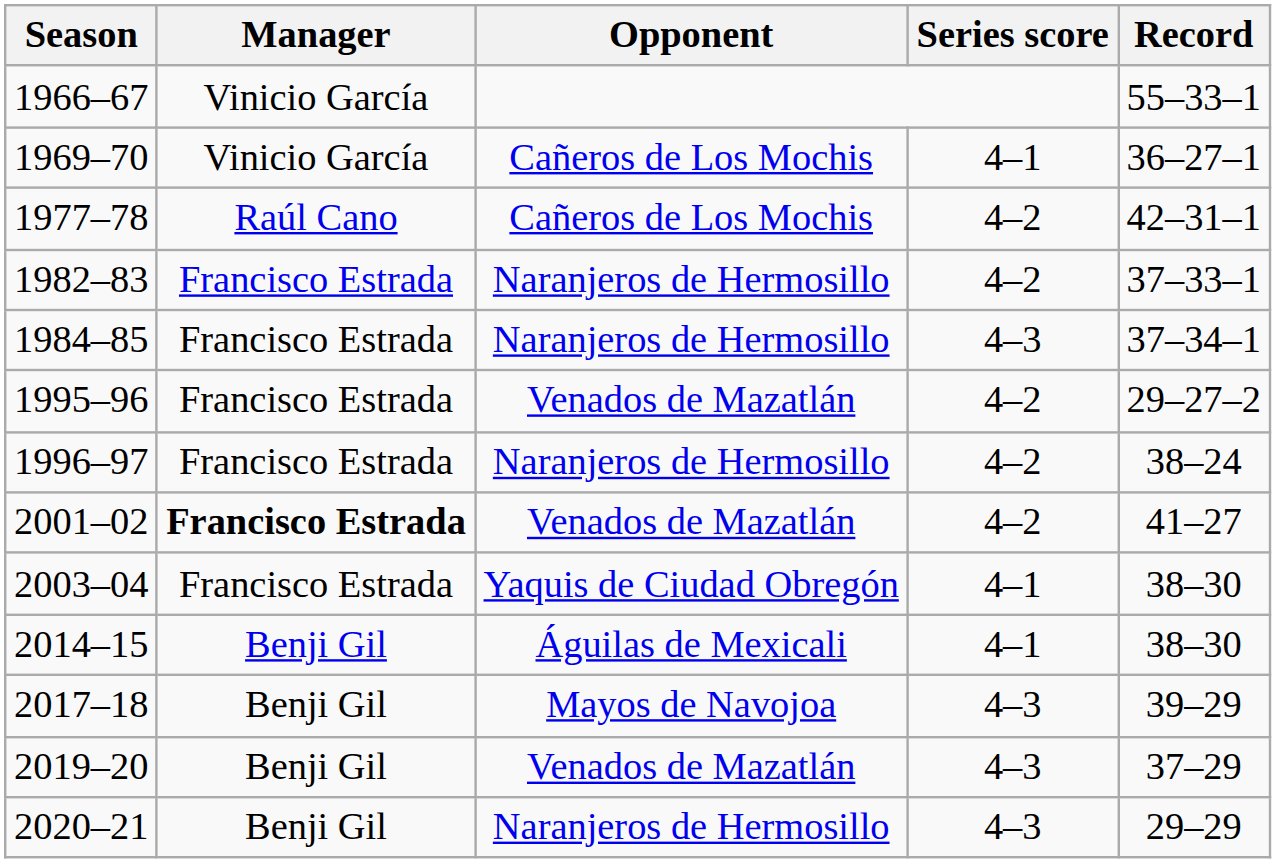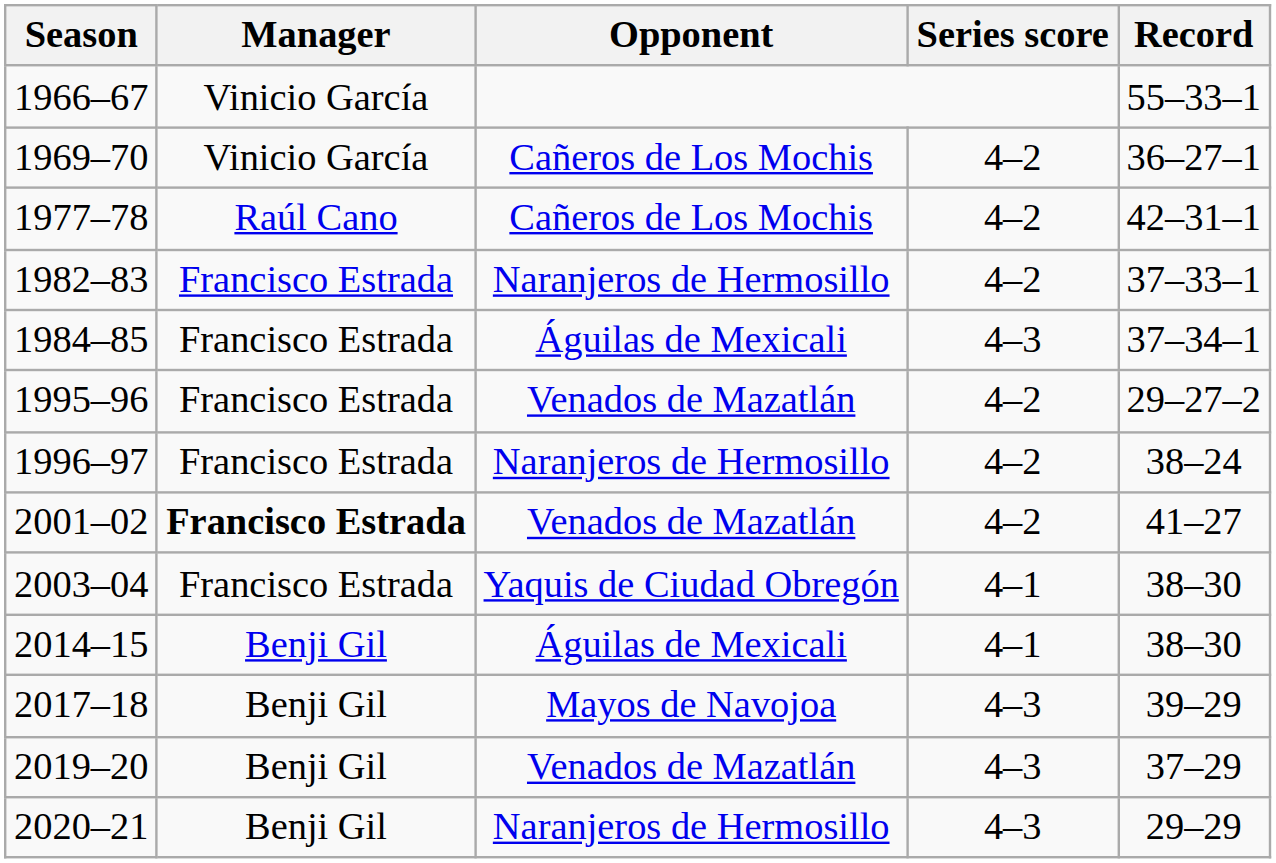 <table class="wikitable">
 <tr>
 <th>Season</th>
 <th>Manager</th>
 <th>Opponent</th>
 <th>Series score</th>
 <th>Record</th>
 </tr>
 <tr style="text-align:center;">
 <td>1966–67</td>
 <td>Vinicio García</td>
 <td colspan=2></td>
 <td>55–33–1</td>
 </tr>
 <tr style="text-align:center;">
 <td>1969–70</td>
 <td>Vinicio García</td>
 <td><a href='#'>Cañeros de Los Mochis</a></td>
-<td>4–1</td>
+<td>4–2</td>
 <td>36–27–1</td>
 </tr>
 <tr style="text-align:center;">
 <td>1977–78</td>
 <td><a href='#'>Raúl Cano</a></td>
 <td><a href='#'>Cañeros de Los Mochis</a></td>
 <td>4–2</td>
 <td>42–31–1</td>
 </tr>
 <tr style="text-align:center;">
 <td>1982–83</td>
 <td><a href='#'>Francisco Estrada</a></td>
 <td><a href='#'>Naranjeros de Hermosillo</a></td>
 <td>4–2</td>
 <td>37–33–1</td>
 </tr>
 <tr style="text-align:center;">
 <td>1984–85</td>
 <td>Francisco Estrada</td>
-<td><a href='#'>Naranjeros de Hermosillo</a></td>
+<td><a href='#'>Águilas de Mexicali</a></td>
 <td>4–3</td>
 <td>37–34–1</td>
 </tr>
 <tr style="text-align:center;">
 <td>1995–96</td>
 <td>Francisco Estrada</td>
 <td><a href='#'>Venados de Mazatlán</a></td>
 <td>4–2</td>
 <td>29–27–2</td>
 </tr>
 <tr style="text-align:center;">
 <td>1996–97</td>
 <td>Francisco Estrada</td>
 <td><a href='#'>Naranjeros de Hermosillo</a></td>
 <td>4–2</td>
 <td>38–24</td>
 </tr>
 <tr style="text-align:center;">
 <td>2001–02</td>
 <td><strong>Francisco Estrada</strong></td>
 <td><a href='#'>Venados de Mazatlán</a></td>
 <td>4–2</td>
 <td>41–27</td>
 </tr>
 <tr style="text-align:center;">
 <td>2003–04</td>
 <td>Francisco Estrada</td>
 <td><a href='#'>Yaquis de Ciudad Obregón</a></td>
 <td>4–1</td>
 <td>38–30</td>
 </tr>
 <tr style="text-align:center;">
 <td>2014–15</td>
 <td><a href='#'>Benji Gil</a></td>
 <td><a href='#'>Águilas de Mexicali</a></td>
 <td>4–1</td>
 <td>38–30</td>
 </tr>
 <tr style="text-align:center;">
 <td>2017–18</td>
 <td>Benji Gil</td>
 <td><a href='#'>Mayos de Navojoa</a></td>
 <td>4–3</td>
 <td>39–29</td>
 </tr>
 <tr style="text-align:center;">
 <td>2019–20</td>
 <td>Benji Gil</td>
 <td><a href='#'>Venados de Mazatlán</a></td>
 <td>4–3</td>
 <td>37–29</td>
 </tr>
 <tr style="text-align:center;">
 <td>2020–21</td>
 <td>Benji Gil</td>
 <td><a href='#'>Naranjeros de Hermosillo</a></td>
 <td>4–3</td>
 <td>29–29</td>
 </tr>
 </table>
